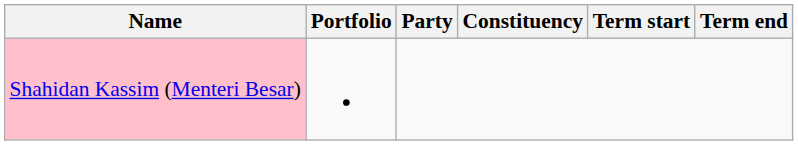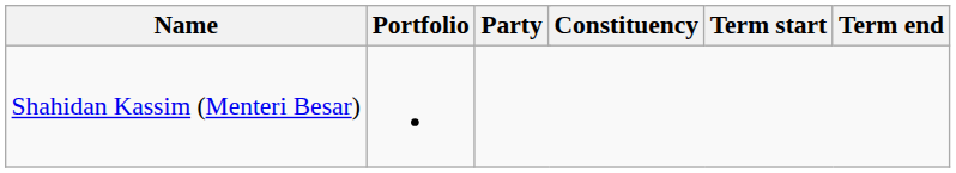 <table class="wikitable">
 <tr>
 <th>Name</th>
 <th>Portfolio</th>
 <th colspan=2>Party</th>
 <th>Constituency</th>
 <th>Term start</th>
 <th>Term end</th>
 </tr>
 <tr>
-<td style="background: pink;"><a href='#'>Shahidan Kassim</a> (<a href='#'>Menteri Besar</a>)</td>
+<td><a href='#'>Shahidan Kassim</a> (<a href='#'>Menteri Besar</a>)</td>
 <td><br><ul><li></li></ul></td>
 </tr>
 </table>
